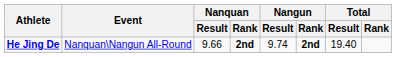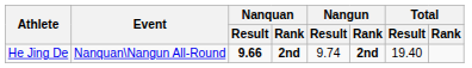 <table class=wikitable style="font-size:90%">
 <tr>
 <th rowspan="2">Athlete</th>
 <th rowspan="2">Event</th>
 <th colspan="2">Nanquan</th>
 <th colspan="2">Nangun</th>
 <th colspan="2">Total</th>
 </tr>
 <tr>
 <th>Result</th>
 <th>Rank</th>
 <th>Result</th>
 <th>Rank</th>
 <th>Result</th>
 <th>Rank</th>
 </tr>
 <tr>
-<td><strong><a href='#'>He Jing De</a></strong></td>
+<td><a href='#'>He Jing De</a></td>
 <td><a href='#'>Nanquan\Nangun All-Round</a></td>
-<td align=center>9.66</td>
+<td align=center><strong>9.66</strong></td>
 <td align=center><strong>2nd</strong></td>
 <td align=center>9.74</td>
 <td align=center><strong>2nd</strong></td>
 <td align=center>19.40</td>
 <td align=center></td>
 </tr>
 </table>
